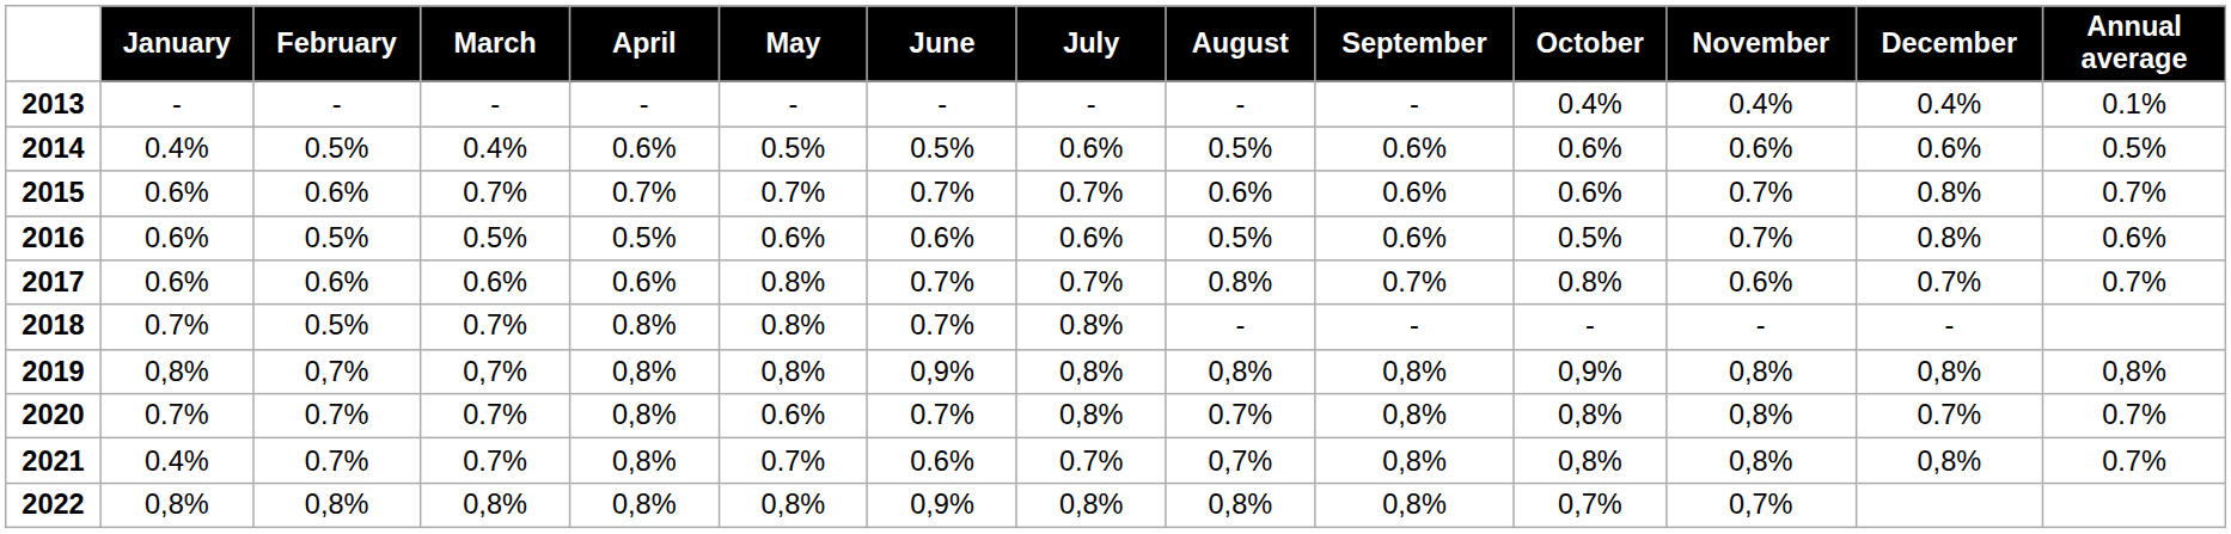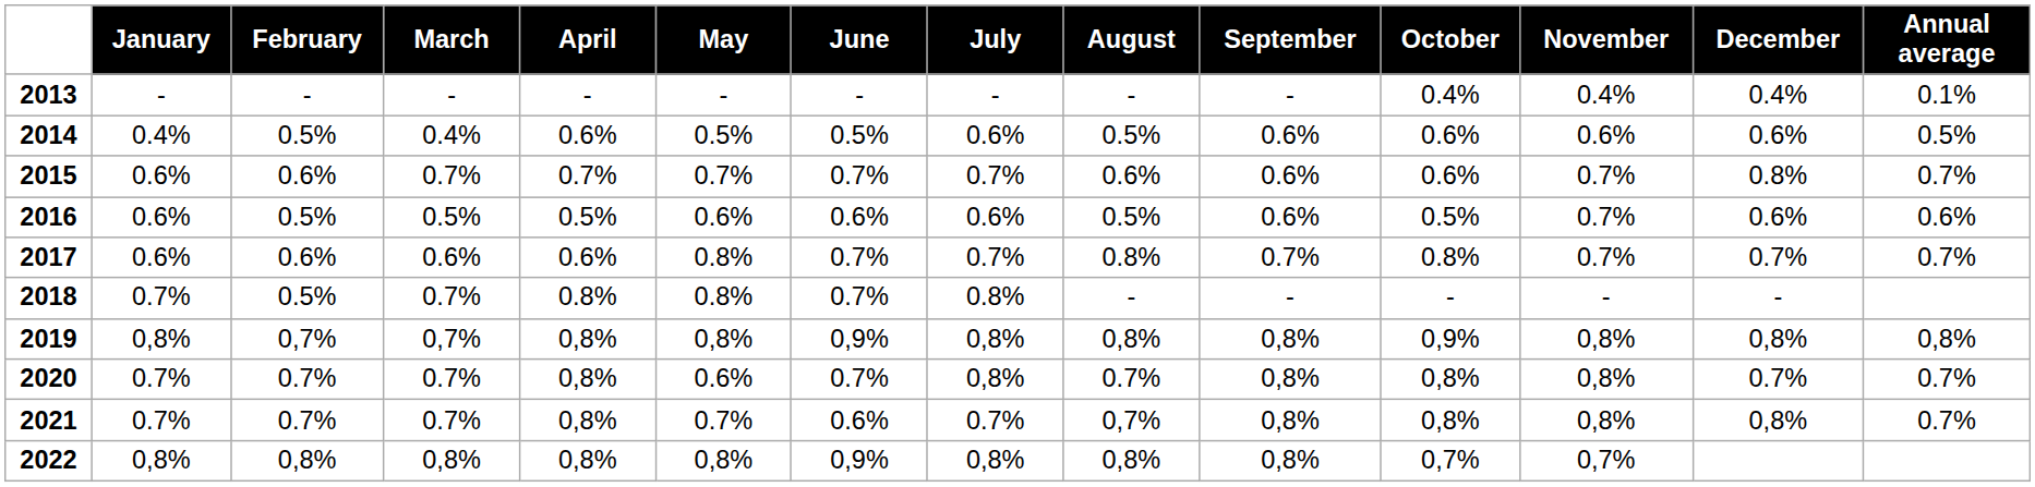 <table class="wikitable" style="width:100%; margin:auto; background:#ffffff;">
 <tr>
 <th style="background:#FFFFFF; color:#FFFFFF;" width="35px"></th>
 <th style="background:#000000; color:#FFFFFF;" width="60px">January</th>
 <th style="background:#000000; color:#FFFFFF;" width="60px">February</th>
 <th style="background:#000000; color:#FFFFFF;" width="60px">March</th>
 <th style="background:#000000; color:#FFFFFF;" width="60px">April</th>
 <th style="background:#000000; color:#FFFFFF;" width="60px">May</th>
 <th style="background:#000000; color:#FFFFFF;" width="60px">June</th>
 <th style="background:#000000; color:#FFFFFF;" width="60px">July</th>
 <th style="background:#000000; color:#FFFFFF;" width="60px">August</th>
 <th style="background:#000000; color:#FFFFFF;" width="60px">September</th>
 <th style="background:#000000; color:#FFFFFF;" width="60px">October</th>
 <th style="background:#000000; color:#FFFFFF;" width="60px">November</th>
 <th style="background:#000000; color:#FFFFFF;" width="60px">December</th>
 <th style="background:#000000; color:#FFFFFF;" width="75px">Annual average</th>
 </tr>
 <tr align="center">
 <td><strong>2013</strong></td>
 <td>-</td>
 <td>-</td>
 <td>-</td>
 <td>-</td>
 <td>-</td>
 <td>-</td>
 <td>-</td>
 <td>-</td>
 <td>-</td>
 <td>0.4%</td>
 <td>0.4%</td>
 <td>0.4%</td>
 <td>0.1%</td>
 </tr>
 <tr align="center">
 <td><strong>2014</strong></td>
 <td>0.4%</td>
 <td>0.5%</td>
 <td>0.4%</td>
 <td>0.6%</td>
 <td>0.5%</td>
 <td>0.5%</td>
 <td>0.6%</td>
 <td>0.5%</td>
 <td>0.6%</td>
 <td>0.6%</td>
 <td>0.6%</td>
 <td>0.6%</td>
 <td> 0.5%</td>
 </tr>
 <tr align="center">
 <td><strong>2015</strong></td>
 <td>0.6%</td>
 <td>0.6%</td>
 <td>0.7%</td>
 <td>0.7%</td>
 <td>0.7%</td>
 <td>0.7%</td>
 <td>0.7%</td>
 <td>0.6%</td>
 <td>0.6%</td>
 <td>0.6%</td>
 <td>0.7%</td>
 <td>0.8%</td>
 <td> 0.7%</td>
 </tr>
 <tr align="center">
 <td><strong>2016</strong></td>
 <td>0.6%</td>
 <td>0.5%</td>
 <td>0.5%</td>
 <td>0.5%</td>
 <td>0.6%</td>
 <td>0.6%</td>
 <td>0.6%</td>
 <td>0.5%</td>
 <td>0.6%</td>
 <td>0.5%</td>
 <td>0.7%</td>
-<td>0.8%</td>
+<td>0.6%</td>
 <td> 0.6%</td>
 </tr>
 <tr align="center">
 <td><strong>2017</strong></td>
 <td>0.6%</td>
 <td>0.6%</td>
 <td>0.6%</td>
 <td>0.6%</td>
 <td>0.8%</td>
 <td>0.7%</td>
 <td>0.7%</td>
 <td>0.8%</td>
 <td>0.7%</td>
 <td>0.8%</td>
-<td>0.6%</td>
+<td>0.7%</td>
 <td>0.7%</td>
 <td> 0.7%</td>
 </tr>
 <tr align="center">
 <td><strong>2018</strong></td>
 <td>0.7%</td>
 <td>0.5%</td>
 <td>0.7%</td>
 <td>0.8%</td>
 <td>0.8%</td>
 <td>0.7%</td>
 <td>0.8%</td>
 <td>-</td>
 <td>-</td>
 <td>-</td>
 <td>-</td>
 <td>-</td>
 <td></td>
 </tr>
 <tr align="center">
 <td><strong>2019</strong></td>
 <td>0,8%</td>
 <td>0,7%</td>
 <td>0,7%</td>
 <td>0,8%</td>
 <td>0,8%</td>
 <td>0,9%</td>
 <td>0,8%</td>
 <td>0,8%</td>
 <td>0,8%</td>
 <td>0,9%</td>
 <td>0,8%</td>
 <td>0,8%</td>
 <td>0,8%</td>
 </tr>
 <tr align="center">
 <td><strong>2020</strong></td>
 <td>0.7%</td>
 <td>0.7%</td>
 <td>0.7%</td>
 <td>0,8%</td>
 <td>0.6%</td>
 <td>0.7%</td>
 <td>0,8%</td>
 <td>0.7%</td>
 <td>0,8%</td>
 <td>0,8%</td>
 <td>0,8%</td>
 <td>0.7%</td>
 <td> 0.7%</td>
 </tr>
 <tr align="center">
 <td><strong>2021</strong></td>
-<td>0.4%</td>
+<td>0.7%</td>
 <td>0.7%</td>
 <td>0.7%</td>
 <td>0,8%</td>
 <td>0.7%</td>
 <td>0.6%</td>
 <td>0.7%</td>
 <td>0,7%</td>
 <td>0,8%</td>
 <td>0,8%</td>
 <td>0,8%</td>
 <td>0,8%</td>
 <td> 0.7%</td>
 </tr>
 <tr align="center">
 <td><strong>2022</strong></td>
 <td>0,8%</td>
 <td>0,8%</td>
 <td>0,8%</td>
 <td>0,8%</td>
 <td>0,8%</td>
 <td>0,9%</td>
 <td>0,8%</td>
 <td>0,8%</td>
 <td>0,8%</td>
 <td>0,7%</td>
 <td>0,7%</td>
 <td></td>
 </tr>
 </table>
